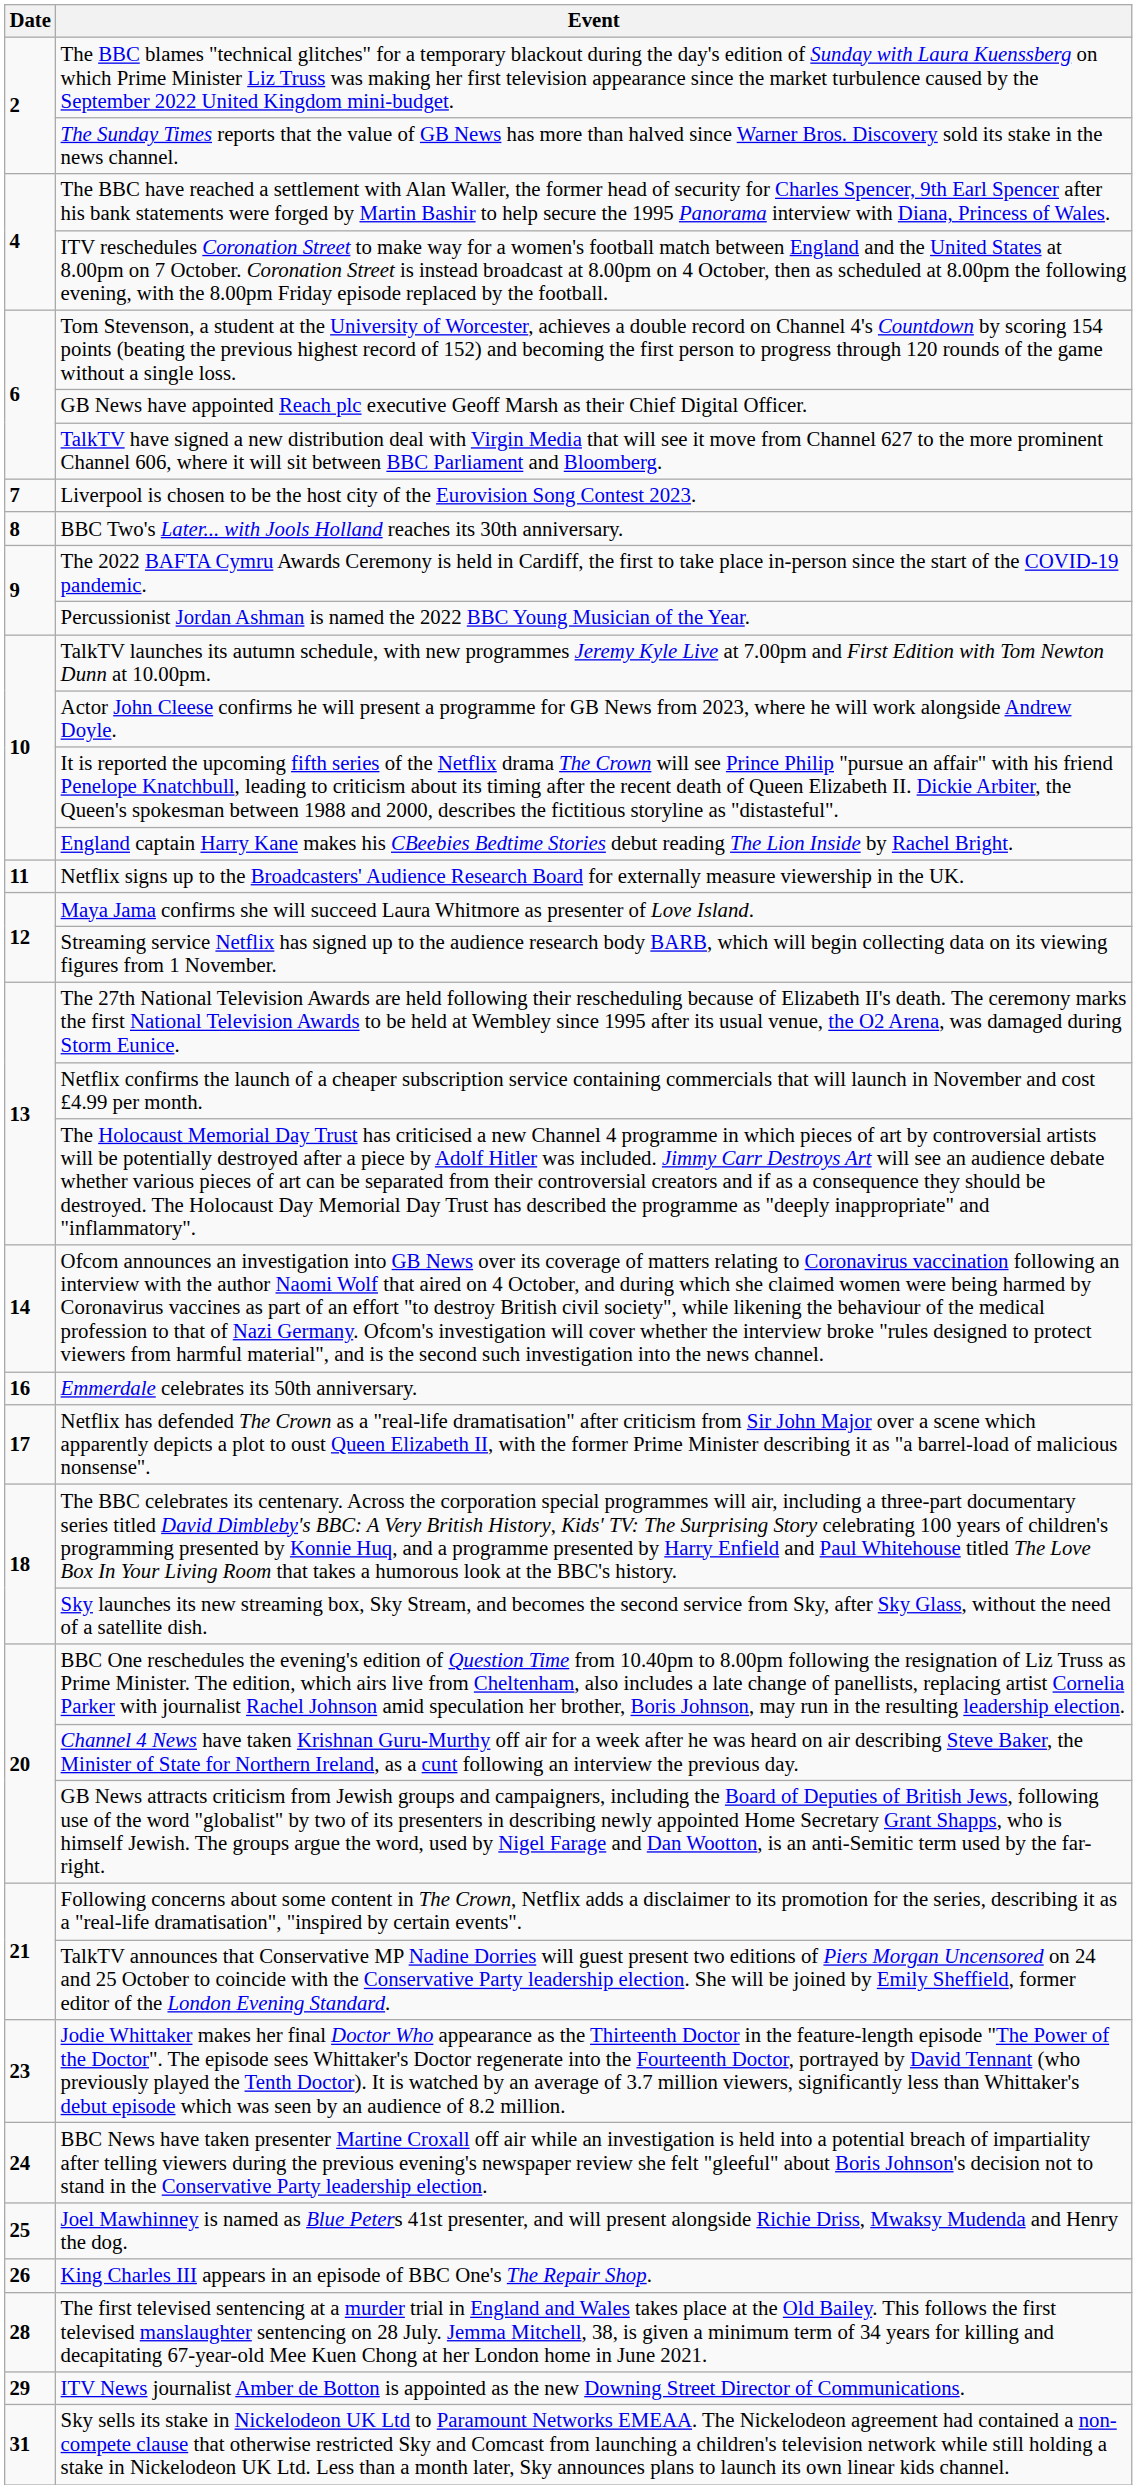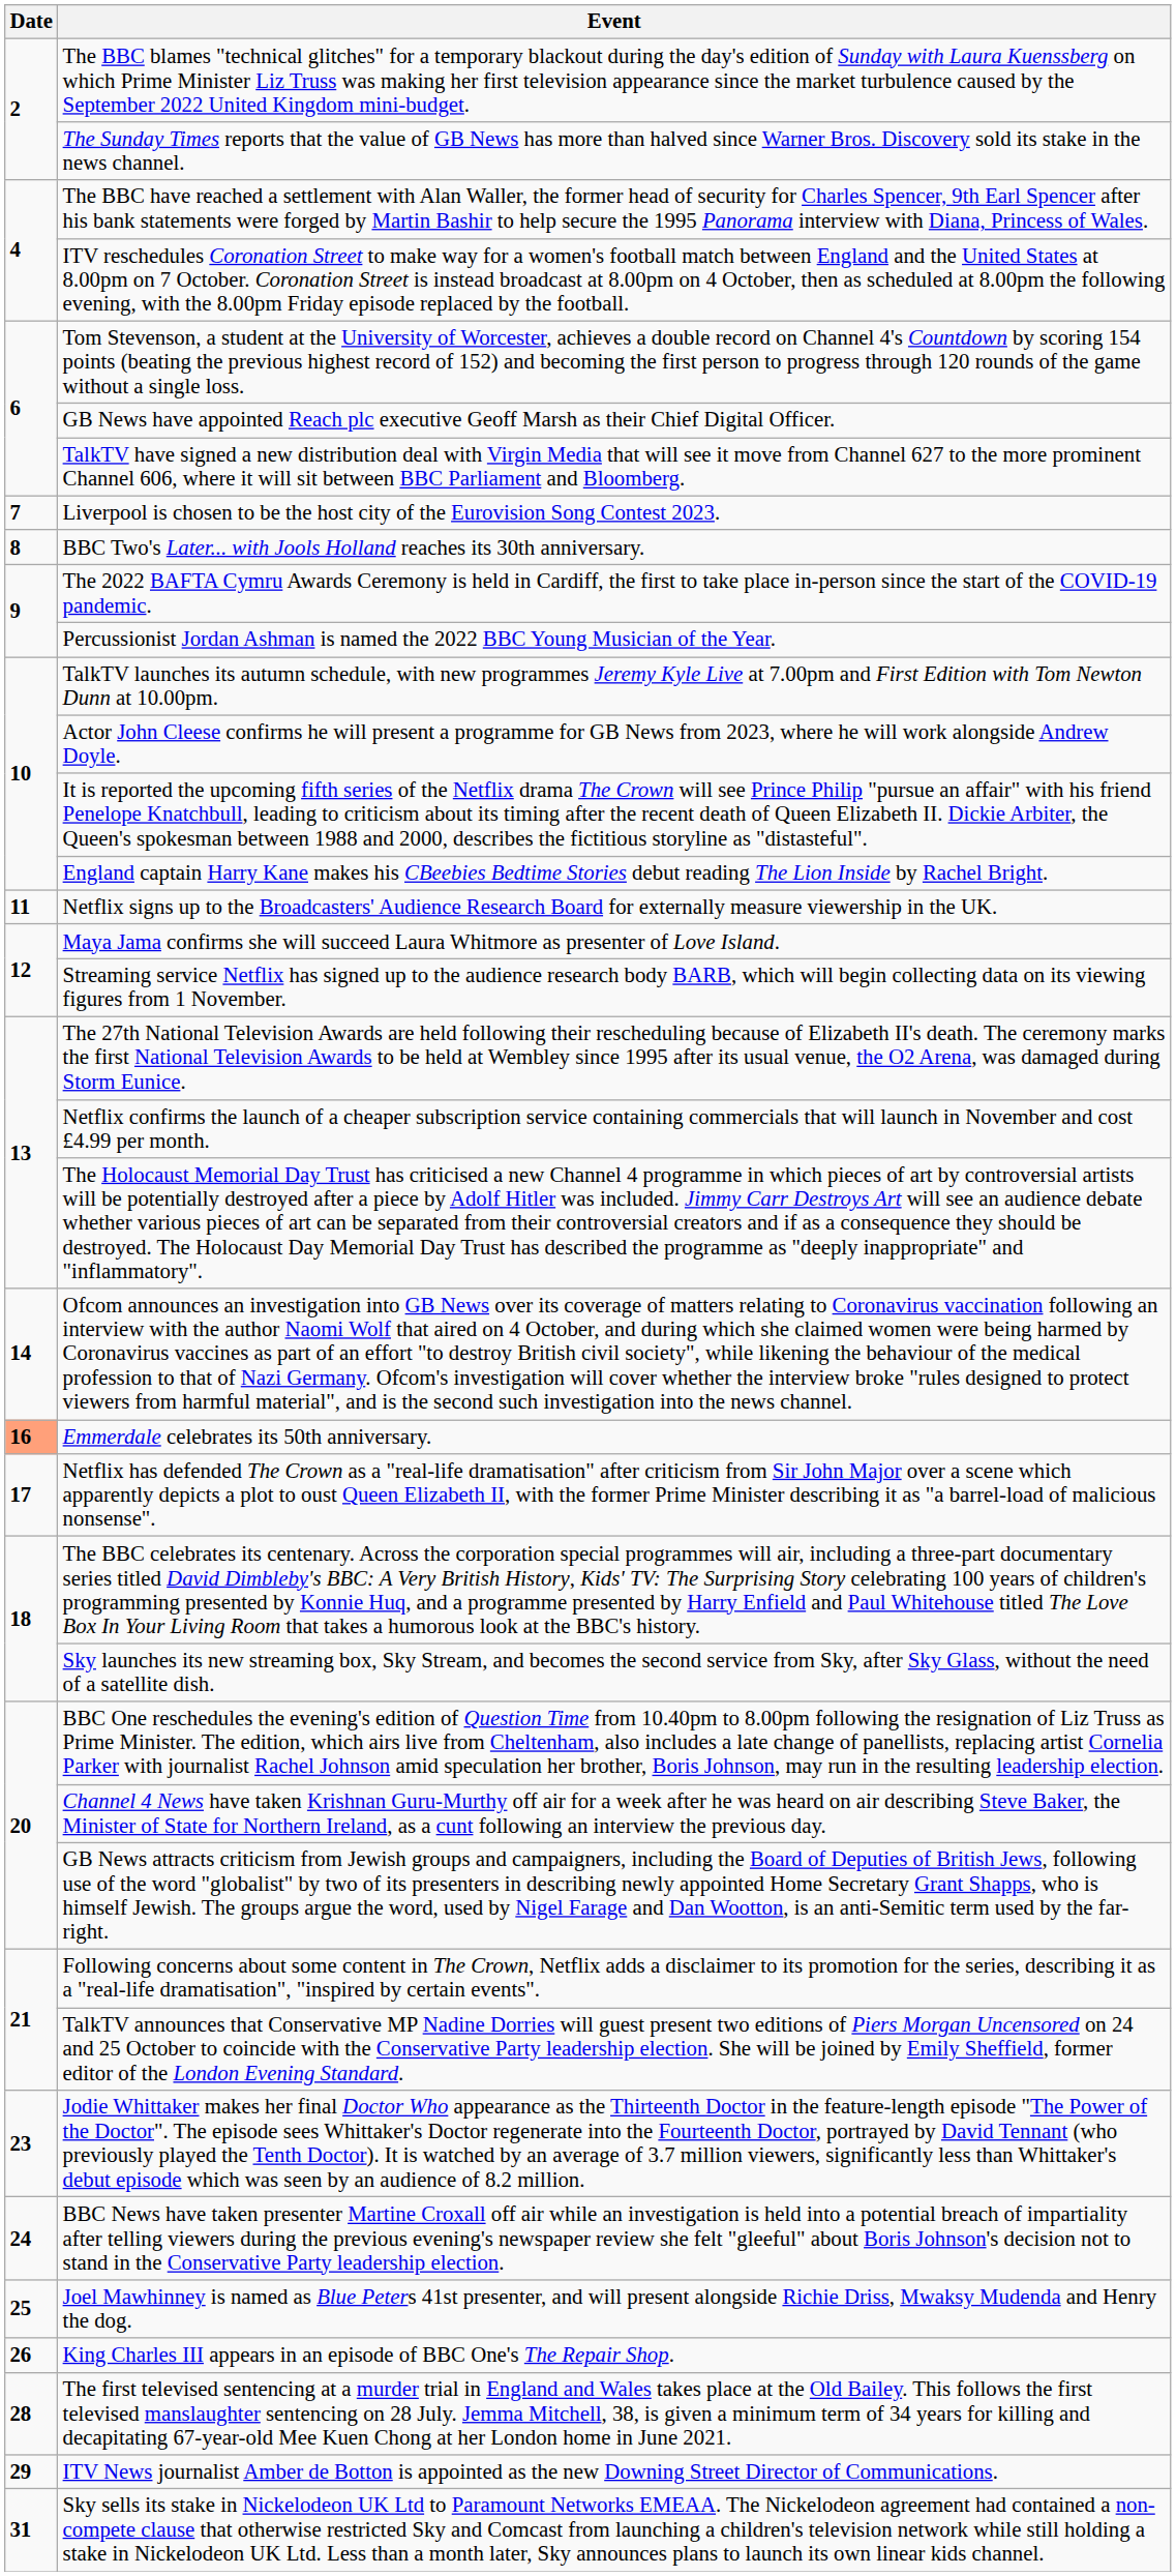 <table class="wikitable">
 <tr>
 <th>Date</th>
 <th>Event</th>
 </tr>
 <tr>
 <td rowspan=2><strong>2</strong></td>
 <td>The <a href='#'>BBC</a> blames "technical glitches" for a temporary blackout during the day's edition of <em><a href='#'>Sunday with Laura Kuenssberg</a></em> on which Prime Minister <a href='#'>Liz Truss</a> was making her first television appearance since the market turbulence caused by the <a href='#'>September 2022 United Kingdom mini-budget</a>.</td>
 </tr>
 <tr>
 <td><em><a href='#'>The Sunday Times</a></em> reports that the value of <a href='#'>GB News</a> has more than halved since <a href='#'>Warner Bros. Discovery</a> sold its stake in the news channel.</td>
 </tr>
 <tr>
 <td rowspan=2><strong>4</strong></td>
 <td>The BBC have reached a settlement with Alan Waller, the former head of security for <a href='#'>Charles Spencer, 9th Earl Spencer</a> after his bank statements were forged by <a href='#'>Martin Bashir</a> to help secure the 1995 <em><a href='#'>Panorama</a></em> interview with <a href='#'>Diana, Princess of Wales</a>.</td>
 </tr>
 <tr>
 <td>ITV reschedules <em><a href='#'>Coronation Street</a></em> to make way for a women's football match between <a href='#'>England</a> and the <a href='#'>United States</a> at 8.00pm on 7 October. <em>Coronation Street</em> is instead broadcast at 8.00pm on 4 October, then as scheduled at 8.00pm the following evening, with the 8.00pm Friday episode replaced by the football.</td>
 </tr>
 <tr>
 <td rowspan=3><strong>6</strong></td>
 <td>Tom Stevenson, a student at the <a href='#'>University of Worcester</a>, achieves a double record on Channel 4's <em><a href='#'>Countdown</a></em> by scoring 154 points (beating the previous highest record of 152) and becoming the first person to progress through 120 rounds of the game without a single loss.</td>
 </tr>
 <tr>
 <td>GB News have appointed <a href='#'>Reach plc</a> executive Geoff Marsh as their Chief Digital Officer.</td>
 </tr>
 <tr>
 <td><a href='#'>TalkTV</a> have signed a new distribution deal with <a href='#'>Virgin Media</a> that will see it move from Channel 627 to the more prominent Channel 606, where it will sit between <a href='#'>BBC Parliament</a> and <a href='#'>Bloomberg</a>.</td>
 </tr>
 <tr>
 <td><strong>7</strong></td>
 <td>Liverpool is chosen to be the host city of the <a href='#'>Eurovision Song Contest 2023</a>.</td>
 </tr>
 <tr>
 <td><strong>8</strong></td>
 <td>BBC Two's <em><a href='#'>Later... with Jools Holland</a></em> reaches its 30th anniversary.</td>
 </tr>
 <tr>
 <td rowspan=2><strong>9</strong></td>
 <td>The 2022 <a href='#'>BAFTA Cymru</a> Awards Ceremony is held in Cardiff, the first to take place in-person since the start of the <a href='#'>COVID-19 pandemic</a>.</td>
 </tr>
 <tr>
 <td>Percussionist <a href='#'>Jordan Ashman</a> is named the 2022 <a href='#'>BBC Young Musician of the Year</a>.</td>
 </tr>
 <tr>
 <td rowspan=4><strong>10</strong></td>
 <td>TalkTV launches its autumn schedule, with new programmes <em><a href='#'>Jeremy Kyle Live</a></em> at 7.00pm and <em>First Edition with Tom Newton Dunn</em> at 10.00pm.</td>
 </tr>
 <tr>
 <td>Actor <a href='#'>John Cleese</a> confirms he will present a programme for GB News from 2023, where he will work alongside <a href='#'>Andrew Doyle</a>.</td>
 </tr>
 <tr>
 <td>It is reported the upcoming <a href='#'>fifth series</a> of the <a href='#'>Netflix</a> drama <em><a href='#'>The Crown</a></em> will see <a href='#'>Prince Philip</a> "pursue an affair" with his friend <a href='#'>Penelope Knatchbull</a>, leading to criticism about its timing after the recent death of Queen Elizabeth II. <a href='#'>Dickie Arbiter</a>, the Queen's spokesman between 1988 and 2000, describes the fictitious storyline as "distasteful".</td>
 </tr>
 <tr>
 <td><a href='#'>England</a> captain <a href='#'>Harry Kane</a> makes his <em><a href='#'>CBeebies Bedtime Stories</a></em> debut reading <em><a href='#'>The Lion Inside</a></em> by <a href='#'>Rachel Bright</a>.</td>
 </tr>
 <tr>
 <td><strong>11</strong></td>
 <td>Netflix signs up to the <a href='#'>Broadcasters' Audience Research Board</a> for externally measure viewership in the UK.</td>
 </tr>
 <tr>
 <td rowspan=2><strong>12</strong></td>
 <td><a href='#'>Maya Jama</a> confirms she will succeed Laura Whitmore as presenter of <em>Love Island</em>.</td>
 </tr>
 <tr>
 <td>Streaming service <a href='#'>Netflix</a> has signed up to the audience research body <a href='#'>BARB</a>, which will begin collecting data on its viewing figures from 1 November.</td>
 </tr>
 <tr>
 <td rowspan=3><strong>13</strong></td>
 <td>The 27th National Television Awards are held following their rescheduling because of Elizabeth II's death. The ceremony marks the first <a href='#'>National Television Awards</a> to be held at Wembley since 1995 after its usual venue, <a href='#'>the O2 Arena</a>, was damaged during <a href='#'>Storm Eunice</a>.</td>
 </tr>
 <tr>
 <td>Netflix confirms the launch of a cheaper subscription service containing commercials that will launch in November and cost £4.99 per month.</td>
 </tr>
 <tr>
 <td>The <a href='#'>Holocaust Memorial Day Trust</a> has criticised a new Channel 4 programme in which pieces of art by controversial artists will be potentially destroyed after a piece by <a href='#'>Adolf Hitler</a> was included. <em><a href='#'>Jimmy Carr Destroys Art</a></em> will see an audience debate whether various pieces of art can be separated from their controversial creators and if as a consequence they should be destroyed. The Holocaust Day Memorial Day Trust has described the programme as "deeply inappropriate" and "inflammatory".</td>
 </tr>
 <tr>
 <td><strong>14</strong></td>
 <td>Ofcom announces an investigation into <a href='#'>GB News</a> over its coverage of matters relating to <a href='#'>Coronavirus vaccination</a> following an interview with the author <a href='#'>Naomi Wolf</a> that aired on 4 October, and during which she claimed women were being harmed by Coronavirus vaccines as part of an effort "to destroy British civil society", while likening the behaviour of the medical profession to that of <a href='#'>Nazi Germany</a>. Ofcom's investigation will cover whether the interview broke "rules designed to protect viewers from harmful material", and is the second such investigation into the news channel.</td>
 </tr>
 <tr>
-<td><strong>16</strong></td>
+<td style="background: lightsalmon;"><strong>16</strong></td>
 <td><em><a href='#'>Emmerdale</a></em> celebrates its 50th anniversary.</td>
 </tr>
 <tr>
 <td><strong>17</strong></td>
 <td>Netflix has defended <em>The Crown</em> as a "real-life dramatisation" after criticism from <a href='#'>Sir John Major</a> over a scene which apparently depicts a plot to oust <a href='#'>Queen Elizabeth II</a>, with the former Prime Minister describing it as "a barrel-load of malicious nonsense".</td>
 </tr>
 <tr>
 <td rowspan=2><strong>18</strong></td>
 <td>The BBC celebrates its centenary. Across the corporation special programmes will air, including a three-part documentary series titled <em><a href='#'>David Dimbleby</a>'s BBC: A Very British History</em>, <em>Kids' TV: The Surprising Story</em> celebrating 100 years of children's programming presented by <a href='#'>Konnie Huq</a>, and a programme presented by <a href='#'>Harry Enfield</a> and <a href='#'>Paul Whitehouse</a> titled <em>The Love Box In Your Living Room</em> that takes a humorous look at the BBC's history.</td>
 </tr>
 <tr>
 <td><a href='#'>Sky</a> launches its new streaming box, Sky Stream, and becomes the second service from Sky, after <a href='#'>Sky Glass</a>, without the need of a satellite dish.</td>
 </tr>
 <tr>
 <td rowspan=3><strong>20</strong></td>
 <td>BBC One reschedules the evening's edition of <em><a href='#'>Question Time</a></em> from 10.40pm to 8.00pm following the resignation of Liz Truss as Prime Minister. The edition, which airs live from <a href='#'>Cheltenham</a>, also includes a late change of panellists, replacing artist <a href='#'>Cornelia Parker</a> with journalist <a href='#'>Rachel Johnson</a> amid speculation her brother, <a href='#'>Boris Johnson</a>, may run in the resulting <a href='#'>leadership election</a>.</td>
 </tr>
 <tr>
 <td><em><a href='#'>Channel 4 News</a></em> have taken <a href='#'>Krishnan Guru-Murthy</a> off air for a week after he was heard on air describing <a href='#'>Steve Baker</a>, the <a href='#'>Minister of State for Northern Ireland</a>, as a <a href='#'>cunt</a> following an interview the previous day.</td>
 </tr>
 <tr>
 <td>GB News attracts criticism from Jewish groups and campaigners, including the <a href='#'>Board of Deputies of British Jews</a>, following use of the word "globalist" by two of its presenters in describing newly appointed Home Secretary <a href='#'>Grant Shapps</a>, who is himself Jewish. The groups argue the word, used by <a href='#'>Nigel Farage</a> and <a href='#'>Dan Wootton</a>, is an anti-Semitic term used by the far-right.</td>
 </tr>
 <tr>
 <td rowspan=2><strong>21</strong></td>
 <td>Following concerns about some content in <em>The Crown</em>, Netflix adds a disclaimer to its promotion for the series, describing it as a "real-life dramatisation", "inspired by certain events".</td>
 </tr>
 <tr>
 <td>TalkTV announces that Conservative MP <a href='#'>Nadine Dorries</a> will guest present two editions of <em><a href='#'>Piers Morgan Uncensored</a></em> on 24 and 25 October to coincide with the <a href='#'>Conservative Party leadership election</a>. She will be joined by <a href='#'>Emily Sheffield</a>, former editor of the <em><a href='#'>London Evening Standard</a></em>.</td>
 </tr>
 <tr>
 <td><strong>23</strong></td>
 <td><a href='#'>Jodie Whittaker</a> makes her final <em><a href='#'>Doctor Who</a></em> appearance as the <a href='#'>Thirteenth Doctor</a> in the feature-length episode "<a href='#'>The Power of the Doctor</a>". The episode sees Whittaker's Doctor regenerate into the <a href='#'>Fourteenth Doctor</a>, portrayed by <a href='#'>David Tennant</a> (who previously played the <a href='#'>Tenth Doctor</a>). It is watched by an average of 3.7 million viewers, significantly less than Whittaker's <a href='#'>debut episode</a> which was seen by an audience of 8.2 million.</td>
 </tr>
 <tr>
 <td><strong>24</strong></td>
 <td>BBC News have taken presenter <a href='#'>Martine Croxall</a> off air while an investigation is held into a potential breach of impartiality after telling viewers during the previous evening's newspaper review she felt "gleeful" about <a href='#'>Boris Johnson</a>'s decision not to stand in the <a href='#'>Conservative Party leadership election</a>.</td>
 </tr>
 <tr>
 <td><strong>25</strong></td>
 <td><a href='#'>Joel Mawhinney</a> is named as <em><a href='#'>Blue Peter</a></em>s 41st presenter, and will present alongside <a href='#'>Richie Driss</a>, <a href='#'>Mwaksy Mudenda</a> and Henry the dog.</td>
 </tr>
 <tr>
 <td><strong>26</strong></td>
 <td><a href='#'>King Charles III</a> appears in an episode of BBC One's <em><a href='#'>The Repair Shop</a></em>.</td>
 </tr>
 <tr>
 <td><strong>28</strong></td>
 <td>The first televised sentencing at a <a href='#'>murder</a> trial in <a href='#'>England and Wales</a> takes place at the <a href='#'>Old Bailey</a>. This follows the first televised <a href='#'>manslaughter</a> sentencing on 28 July. <a href='#'>Jemma Mitchell</a>, 38, is given a minimum term of 34 years for killing and decapitating 67-year-old Mee Kuen Chong at her London home in June 2021.</td>
 </tr>
 <tr>
 <td><strong>29</strong></td>
 <td><a href='#'>ITV News</a> journalist <a href='#'>Amber de Botton</a> is appointed as the new <a href='#'>Downing Street Director of Communications</a>.</td>
 </tr>
 <tr>
 <td><strong>31</strong></td>
 <td>Sky sells its stake in <a href='#'>Nickelodeon UK Ltd</a> to <a href='#'>Paramount Networks EMEAA</a>. The Nickelodeon agreement had contained a <a href='#'>non-compete clause</a> that otherwise restricted Sky and Comcast from launching a children's television network while still holding a stake in Nickelodeon UK Ltd. Less than a month later, Sky announces plans to launch its own linear kids channel.</td>
 </tr>
 </table>
